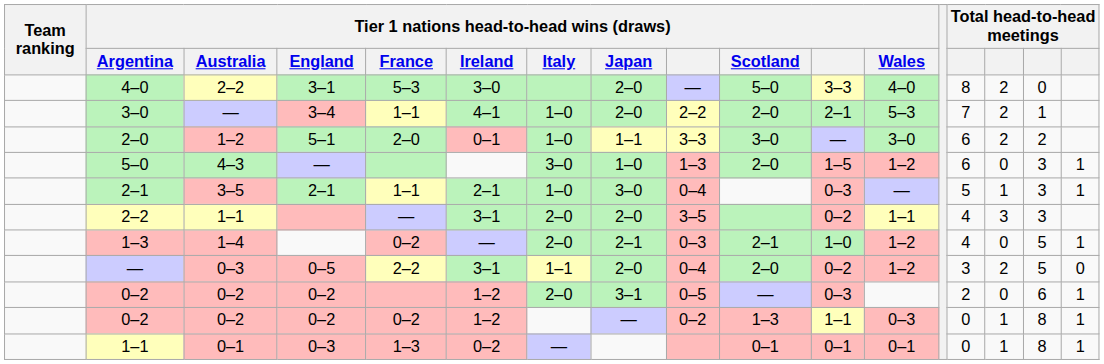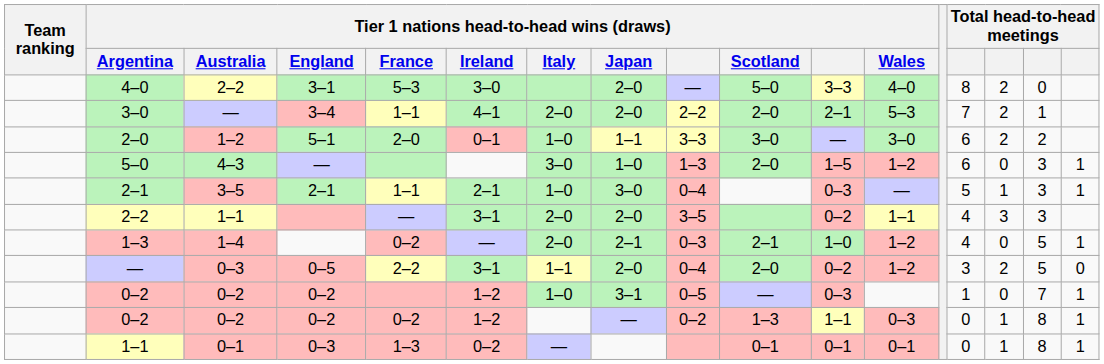 <table class="wikitable" style="text-align:center; width:85%">
 <tr>
 <th style="width:125px" rowspan=2>Team ranking</th>
 <th colspan=11>Tier 1 nations head-to-head wins (draws)</th>
 <th rowspan=13></th>
 <th colspan=4>Total head-to-head meetings</th>
 </tr>
 <tr>
 <th style="width:140px"><a href='#'>Argentina</a></th>
 <th style="width:140px"><a href='#'>Australia</a></th>
 <th style="width:140px"><a href='#'>England</a></th>
 <th style="width:140px"><a href='#'>France</a></th>
 <th style="width:140px"><a href='#'>Ireland</a></th>
 <th style="width:140px"><a href='#'>Italy</a></th>
 <th style="width:140px"><a href='#'>Japan</a></th>
 <th style="width:140px"></th>
 <th style="width:140px"><a href='#'>Scotland</a></th>
 <th style="width:140px"></th>
 <th style="width:140px"><a href='#'>Wales</a></th>
 <th style=width:95px></th>
 <th style=width:95px></th>
 <th style=width:95px></th>
 <th style=width:95px></th>
 </tr>
 <tr>
 <td style="text-align:Left;"></td>
 <td style="background: #BBF3BB;">4–0</td>
 <td style="background: #FFFFBB;">2–2</td>
 <td style="background: #BBF3BB;">3–1</td>
 <td style="background: #BBF3BB;">5–3</td>
 <td style="background: #BBF3BB;">3–0</td>
 <td style="background: #BBF3BB;"></td>
 <td style="background: #BBF3BB;">2–0</td>
 <td style="background: #ccccff">—</td>
 <td style="background: #BBF3BB;">5–0</td>
 <td style="background: #FFFFBB;">3–3</td>
 <td style="background: #BBF3BB;">4–0</td>
 <td>8</td>
 <td>2</td>
 <td>0</td>
 <td></td>
 </tr>
 <tr>
 <td style="text-align:Left;"></td>
 <td style="background: #BBF3BB">3–0</td>
 <td style="background: #ccccff">—</td>
 <td style="background: #FFBBBB">3–4</td>
 <td style="background: #FFFFBB">1–1</td>
 <td style="background: #BBF3BB">4–1</td>
-<td style="background: #BBF3BB">1–0</td>
+<td style="background: #BBF3BB;">2–0</td>
 <td style="background: #BBF3BB;">2–0</td>
 <td style="background: #FFFFBB">2–2</td>
 <td style="background: #BBF3BB">2–0</td>
 <td style="background: #BBF3BB">2–1</td>
 <td style="background: #BBF3BB">5–3</td>
 <td>7</td>
 <td>2</td>
 <td>1</td>
 <td></td>
 </tr>
 <tr>
 <td style="text-align:Left;"></td>
 <td style="background: #BBF3BB;">2–0</td>
 <td style="background: #FFBBBB">1–2</td>
 <td style="background: #BBF3BB;">5–1</td>
 <td style="background: #BBF3BB;">2–0</td>
 <td style="background: #FFBBBB">0–1</td>
 <td style="background: #BBF3BB;">1–0</td>
 <td style="background: #FFFFBB">1–1</td>
 <td style="background: #FFFFBB">3–3</td>
 <td style="background: #BBF3BB;">3–0</td>
 <td style="background: #ccccff">—</td>
 <td style="background: #BBF3BB;">3–0</td>
 <td>6</td>
 <td>2</td>
 <td>2</td>
 <td></td>
 </tr>
 <tr>
 <td style="text-align:Left;"></td>
 <td style="background: #BBF3BB;">5–0</td>
 <td style="background: #BBF3BB;">4–3</td>
 <td style="background: #ccccff">—</td>
 <td style="background: #BBF3BB;"></td>
 <td></td>
 <td style="background: #BBF3BB;">3–0</td>
 <td style="background: #BBF3BB;">1–0</td>
 <td style="background: #FFBBBB">1–3</td>
 <td style="background: #BBF3BB;">2–0</td>
 <td style="background: #FFBBBB">1–5</td>
 <td style="background: #FFBBBB">1–2</td>
 <td>6</td>
 <td>0</td>
 <td>3</td>
 <td>1</td>
 </tr>
 <tr>
 <td style="text-align:Left;"></td>
 <td style="background: #BBF3BB;">2–1</td>
 <td style="background: #FFBBBB">3–5</td>
 <td style="background: #BBF3BB;">2–1</td>
 <td style="background: #FFFFBB">1–1</td>
 <td style="background: #BBF3BB;">2–1</td>
 <td style="background: #BBF3BB;">1–0</td>
 <td style="background: #BBF3BB;">3–0</td>
 <td style="background: #FFBBBB">0–4</td>
 <td></td>
 <td style="background: #FFBBBB">0–3</td>
 <td style="background: #ccccff">—</td>
 <td>5</td>
 <td>1</td>
 <td>3</td>
 <td>1</td>
 </tr>
 <tr>
 <td style="text-align:Left;"></td>
 <td style="background: #FFFFBB">2–2</td>
 <td style="background: #FFFFBB">1–1</td>
 <td style="background: #FFBBBB"></td>
 <td style="background: #ccccff">—</td>
 <td style="background: #BBF3BB;">3–1</td>
 <td style="background: #BBF3BB;">2–0</td>
 <td style="background: #BBF3BB;">2–0</td>
 <td style="background: #FFBBBB">3–5</td>
 <td style="background: #BBF3BB;"></td>
 <td style="background: #FFBBBB">0–2</td>
 <td style="background: #FFFFBB">1–1</td>
 <td>4</td>
 <td>3</td>
 <td>3</td>
 <td></td>
 </tr>
 <tr>
 <td style="text-align:Left;"></td>
 <td style="background: #FFBBBB">1–3</td>
 <td style="background: #FFBBBB">1–4</td>
 <td></td>
 <td style="background: #FFBBBB">0–2</td>
 <td style="background: #ccccff">—</td>
 <td style="background: #BBF3BB;">2–0</td>
 <td style="background: #BBF3BB;">2–1</td>
 <td style="background: #FFBBBB">0–3</td>
 <td style="background: #BBF3BB;">2–1</td>
 <td style="background: #BBF3BB;">1–0</td>
 <td style="background: #FFBBBB">1–2</td>
 <td>4</td>
 <td>0</td>
 <td>5</td>
 <td>1</td>
 </tr>
 <tr>
 <td style="text-align:Left;"></td>
 <td style="background: #ccccff">—</td>
 <td style="background: #FFBBBB">0–3</td>
 <td style="background: #FFBBBB">0–5</td>
 <td style="background: #FFFFBB">2–2</td>
 <td style="background: #BBF3BB;">3–1</td>
 <td style="background: #FFFFBB">1–1</td>
 <td style="background: #BBF3BB;">2–0</td>
 <td style="background: #FFBBBB">0–4</td>
 <td style="background: #BBF3BB;">2–0</td>
 <td style="background: #FFBBBB">0–2</td>
 <td style="background: #FFBBBB">1–2</td>
 <td>3</td>
 <td>2</td>
 <td>5</td>
 <td>0</td>
 </tr>
 <tr>
 <td style="text-align:Left;"></td>
 <td style="background: #FFBBBB">0–2</td>
 <td style="background: #FFBBBB">0–2</td>
 <td style="background: #FFBBBB">0–2</td>
 <td style="background: #FFBBBB"></td>
 <td style="background: #FFBBBB">1–2</td>
-<td style="background: #BBF3BB;">2–0</td>
+<td style="background: #BBF3BB;">1–0</td>
 <td style="background: #BBF3BB;">3–1</td>
 <td style="background: #FFBBBB">0–5</td>
 <td style="background: #ccccff">—</td>
 <td style="background: #FFBBBB">0–3</td>
 <td></td>
-<td>2</td>
+<td>1</td>
 <td>0</td>
-<td>6</td>
+<td>7</td>
 <td>1</td>
 </tr>
 <tr>
 <td style="text-align:Left;"></td>
 <td style="background: #FFBBBB">0–2</td>
 <td style="background: #FFBBBB">0–2</td>
 <td style="background: #FFBBBB">0–2</td>
 <td style="background: #FFBBBB">0–2</td>
 <td style="background: #FFBBBB">1–2</td>
 <td></td>
 <td style="background: #ccccff">—</td>
 <td style="background: #FFBBBB">0–2</td>
 <td style="background: #FFBBBB">1–3</td>
 <td style="background: #FFFFBB">1–1</td>
 <td style="background: #FFBBBB">0–3</td>
 <td>0</td>
 <td>1</td>
 <td>8</td>
 <td>1</td>
 </tr>
 <tr>
 <td style="text-align:Left;"></td>
 <td style="background: #FFFFBB">1–1</td>
 <td style="background: #FFBBBB">0–1</td>
 <td style="background: #FFBBBB">0–3</td>
 <td style="background: #FFBBBB">1–3</td>
 <td style="background: #FFBBBB">0–2</td>
 <td style="background: #ccccff">—</td>
 <td></td>
 <td style="background: #FFBBBB"></td>
 <td style="background: #FFBBBB">0–1</td>
 <td style="background: #FFBBBB">0–1</td>
 <td style="background: #FFBBBB">0–1</td>
 <td>0</td>
 <td>1</td>
 <td>8</td>
 <td>1</td>
 </tr>
 </table>
